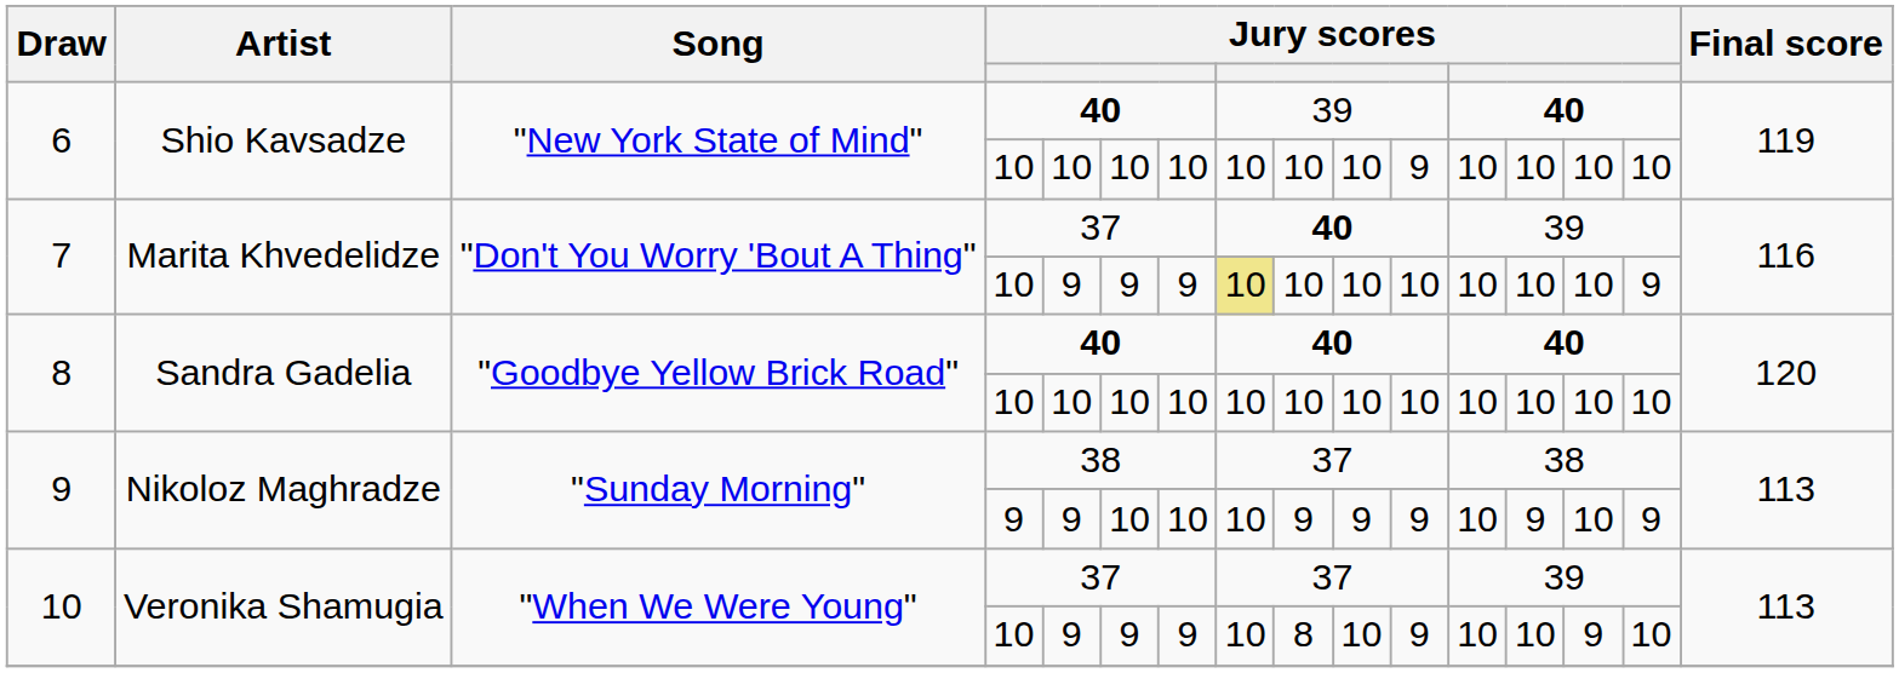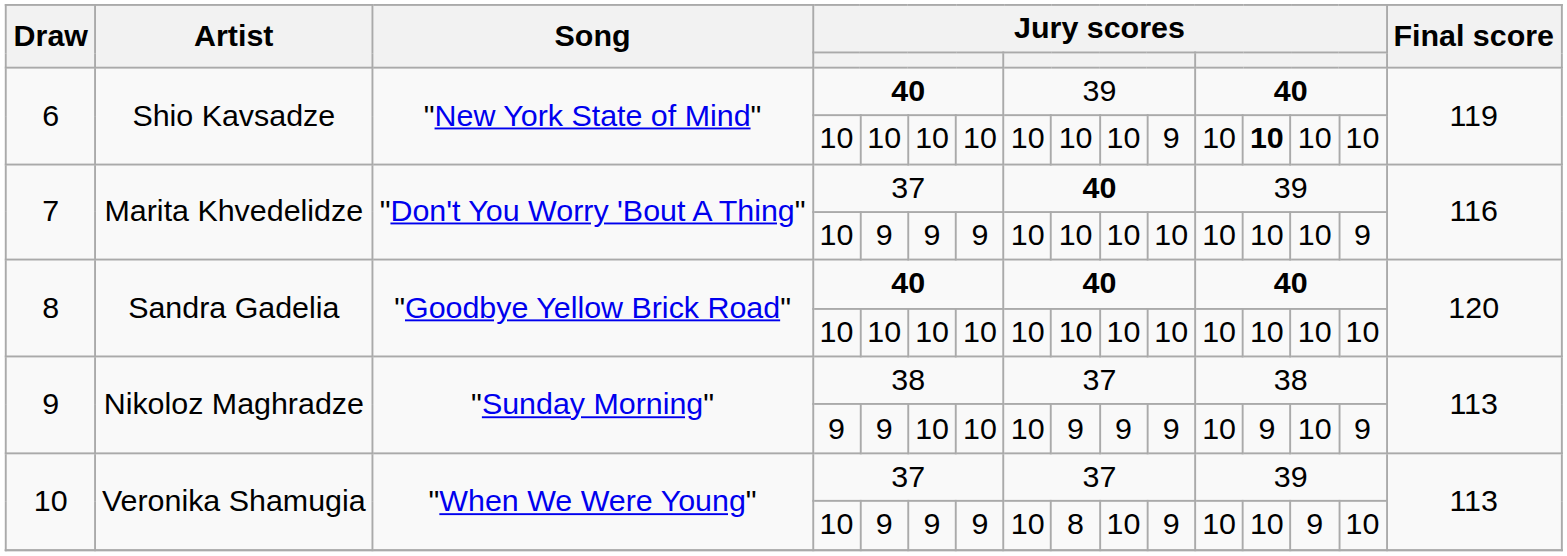 <table class="sortable wikitable" style="text-align:center;margin:1em auto 1em auto">
 <tr>
 <th scope="col" rowspan="2">Draw</th>
 <th scope="col" rowspan="2">Artist</th>
 <th scope="col" rowspan="2">Song</th>
 <th scope="col" colspan="12">Jury scores</th>
 <th scope="col" rowspan="2">Final score</th>
 </tr>
 <tr>
 <th scope="col" colspan="4" class="unsortable"><small></small></th>
 <th scope="col" colspan="4" class="unsortable"><small></small></th>
 <th scope="col" colspan="4" class="unsortable"><small></small></th>
 </tr>
 <tr>
 <td rowspan="2">6</td>
 <td rowspan="2">Shio Kavsadze</td>
 <td rowspan="2">"<a href='#'>New York State of Mind</a>"<br></td>
 <td colspan="4"><strong>40</strong></td>
 <td colspan="4">39</td>
 <td colspan="4"><strong>40</strong></td>
 <td rowspan="2">119</td>
 </tr>
 <tr>
 <td>10</td>
 <td>10</td>
 <td>10</td>
 <td>10</td>
 <td>10</td>
 <td>10</td>
 <td>10</td>
 <td>9</td>
 <td>10</td>
-<td>10</td>
+<td><strong>10</strong></td>
 <td>10</td>
 <td>10</td>
 </tr>
 <tr>
 <td rowspan="2">7</td>
 <td rowspan="2">Marita Khvedelidze</td>
 <td rowspan="2">"<a href='#'>Don't You Worry 'Bout A Thing</a>"<br></td>
 <td colspan="4">37</td>
 <td colspan="4"><strong>40</strong></td>
 <td colspan="4">39</td>
 <td rowspan="2">116</td>
 </tr>
 <tr>
 <td>10</td>
 <td>9</td>
 <td>9</td>
 <td>9</td>
-<td style="background: khaki;">10</td>
+<td>10</td>
 <td>10</td>
 <td>10</td>
 <td>10</td>
 <td>10</td>
 <td>10</td>
 <td>10</td>
 <td>9</td>
 </tr>
 <tr>
 <td rowspan="2">8</td>
 <td rowspan="2">Sandra Gadelia</td>
 <td rowspan="2">"<a href='#'>Goodbye Yellow Brick Road</a>"<br></td>
 <td colspan="4"><strong>40</strong></td>
 <td colspan="4"><strong>40</strong></td>
 <td colspan="4"><strong>40</strong></td>
 <td rowspan="2">120</td>
 </tr>
 <tr>
 <td>10</td>
 <td>10</td>
 <td>10</td>
 <td>10</td>
 <td>10</td>
 <td>10</td>
 <td>10</td>
 <td>10</td>
 <td>10</td>
 <td>10</td>
 <td>10</td>
 <td>10</td>
 </tr>
 <tr>
 <td rowspan="2">9</td>
 <td rowspan="2">Nikoloz Maghradze</td>
 <td rowspan="2">"<a href='#'>Sunday Morning</a>"<br></td>
 <td colspan="4">38</td>
 <td colspan="4">37</td>
 <td colspan="4">38</td>
 <td rowspan="2">113</td>
 </tr>
 <tr>
 <td>9</td>
 <td>9</td>
 <td>10</td>
 <td>10</td>
 <td>10</td>
 <td>9</td>
 <td>9</td>
 <td>9</td>
 <td>10</td>
 <td>9</td>
 <td>10</td>
 <td>9</td>
 </tr>
 <tr>
 <td rowspan="2">10</td>
 <td rowspan="2">Veronika Shamugia</td>
 <td rowspan="2">"<a href='#'>When We Were Young</a>"<br></td>
 <td colspan="4">37</td>
 <td colspan="4">37</td>
 <td colspan="4">39</td>
 <td rowspan="2">113</td>
 </tr>
 <tr>
 <td>10</td>
 <td>9</td>
 <td>9</td>
 <td>9</td>
 <td>10</td>
 <td>8</td>
 <td>10</td>
 <td>9</td>
 <td>10</td>
 <td>10</td>
 <td>9</td>
 <td>10</td>
 </tr>
 <tr>
 </tr>
 </table>
